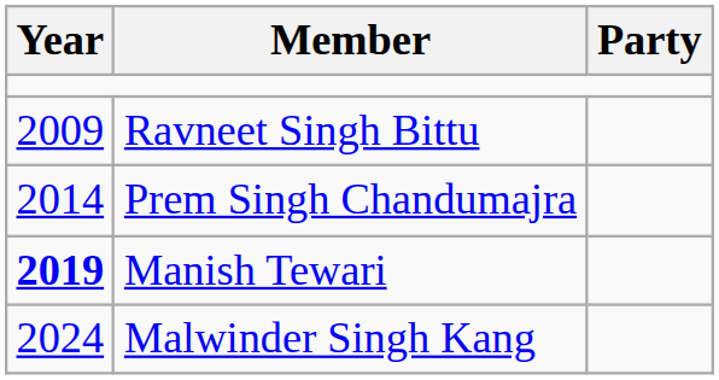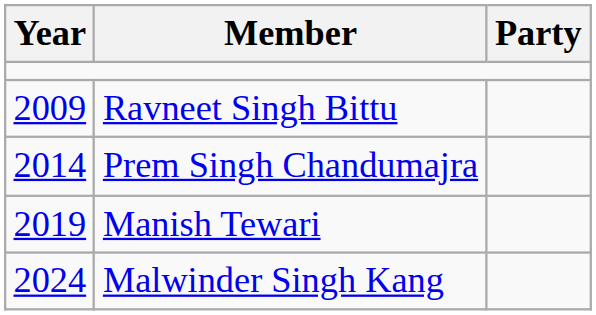 <table class="wikitable">
 <tr>
 <th>Year</th>
 <th>Member</th>
 <th colspan="2">Party</th>
 </tr>
 <tr>
 <td colspan="4"></td>
 </tr>
 <tr>
 <td><a href='#'>2009</a></td>
 <td><a href='#'>Ravneet Singh Bittu</a></td>
 <td></td>
 </tr>
 <tr>
 <td><a href='#'>2014</a></td>
 <td><a href='#'>Prem Singh Chandumajra</a></td>
 <td></td>
 </tr>
 <tr>
-<td><strong><a href='#'>2019</a></strong></td>
+<td><a href='#'>2019</a></td>
 <td><a href='#'>Manish Tewari</a></td>
 <td></td>
 </tr>
 <tr>
 <td><a href='#'>2024</a></td>
 <td><a href='#'>Malwinder Singh Kang</a></td>
 <td></td>
 </tr>
 </table>
